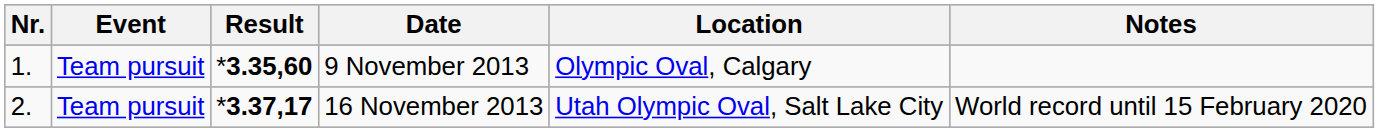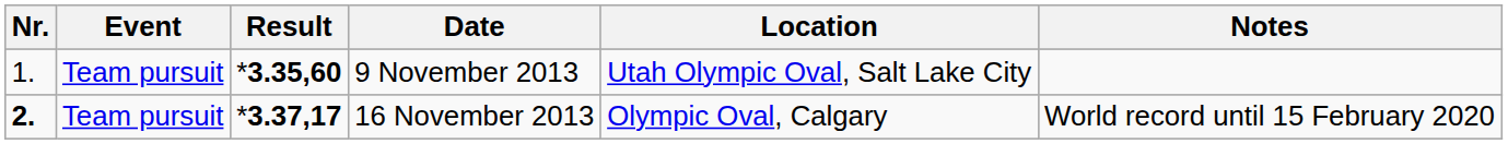 <table class="wikitable vatop">
 <tr>
 <th>Nr.</th>
 <th>Event</th>
 <th>Result</th>
 <th>Date</th>
 <th>Location</th>
 <th>Notes</th>
 </tr>
 <tr>
 <td>1.</td>
 <td><a href='#'>Team pursuit</a></td>
 <td align=right>*<strong>3.35,60</strong></td>
 <td>9 November 2013</td>
-<td><a href='#'>Olympic Oval</a>, Calgary</td>
+<td><a href='#'>Utah Olympic Oval</a>, Salt Lake City</td>
 </tr>
 <tr>
-<td>2.</td>
+<td><strong>2.</strong></td>
 <td><a href='#'>Team pursuit</a></td>
 <td align=right>*<strong>3.37,17</strong></td>
 <td>16 November 2013</td>
-<td><a href='#'>Utah Olympic Oval</a>, Salt Lake City</td>
+<td><a href='#'>Olympic Oval</a>, Calgary</td>
 <td>World record until 15 February 2020</td>
 </tr>
 </table>
